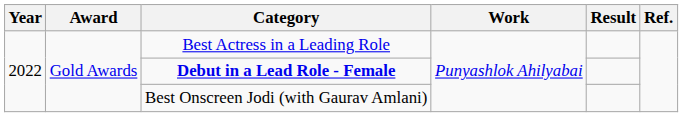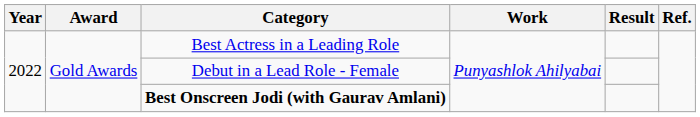 <table class="wikitable" style="text-align:center;">
 <tr>
 <th>Year</th>
 <th>Award</th>
 <th>Category</th>
 <th>Work</th>
 <th>Result</th>
 <th>Ref.</th>
 </tr>
 <tr>
 <td rowspan="3">2022</td>
 <td rowspan="3"><a href='#'>Gold Awards</a></td>
 <td><a href='#'>Best Actress in a Leading Role</a></td>
 <td rowspan="3"><em><a href='#'>Punyashlok Ahilyabai</a></em></td>
 <td></td>
 <td rowspan="3"></td>
 </tr>
 <tr>
-<td><strong><a href='#'>Debut in a Lead Role - Female</a></strong></td>
+<td><a href='#'>Debut in a Lead Role - Female</a></td>
 <td></td>
 </tr>
 <tr>
-<td>Best Onscreen Jodi (with Gaurav Amlani)</td>
+<td><strong>Best Onscreen Jodi (with Gaurav Amlani)</strong></td>
 <td></td>
 </tr>
 </table>
